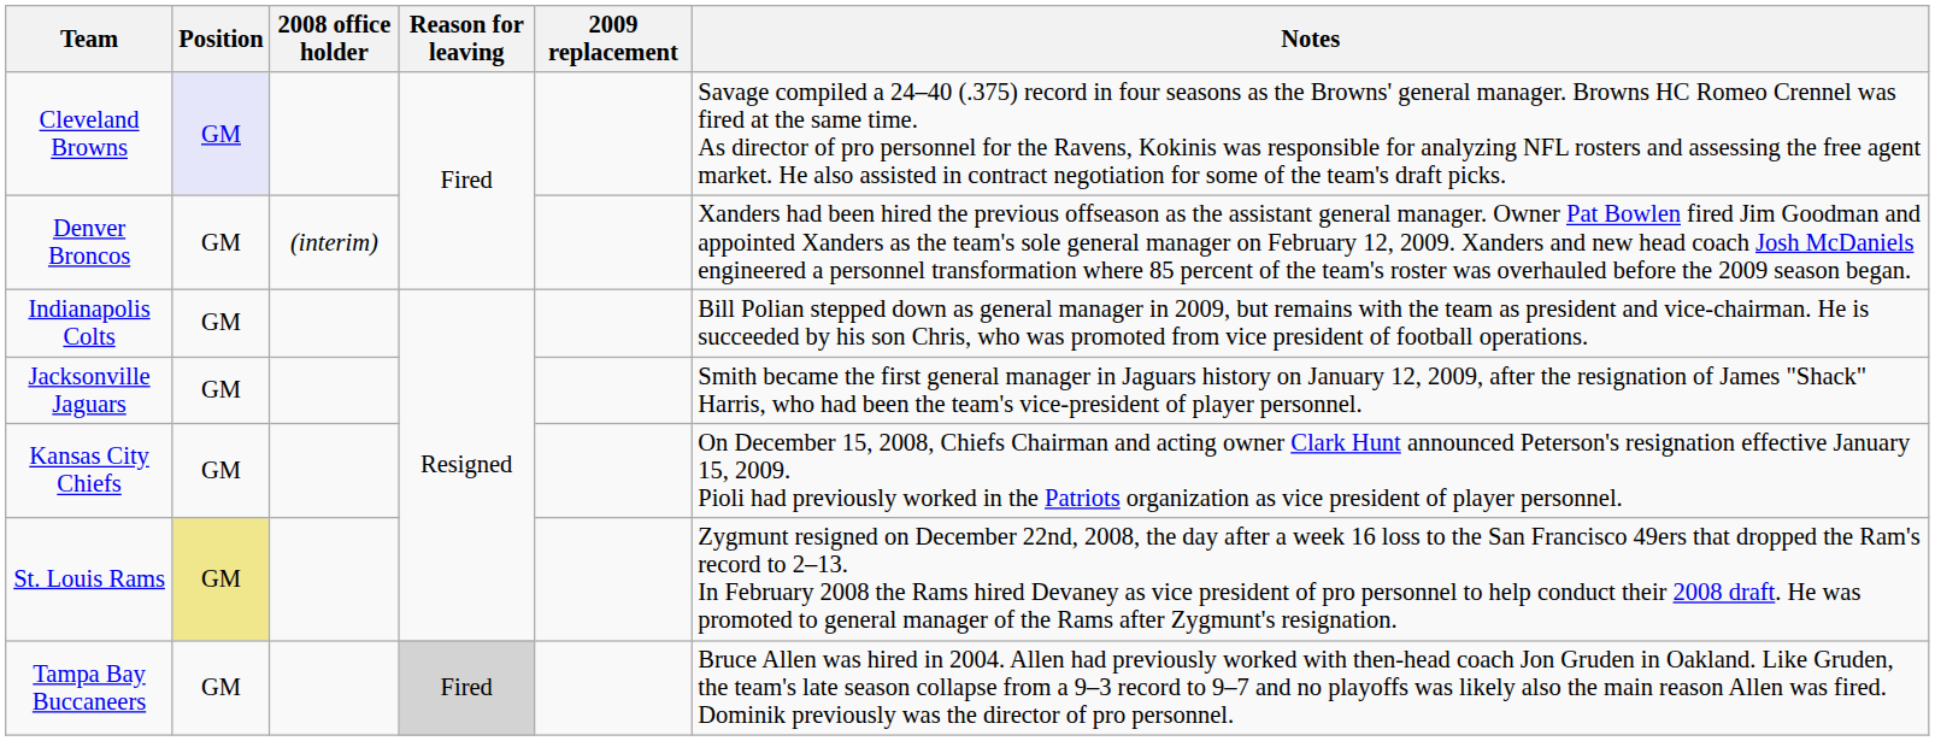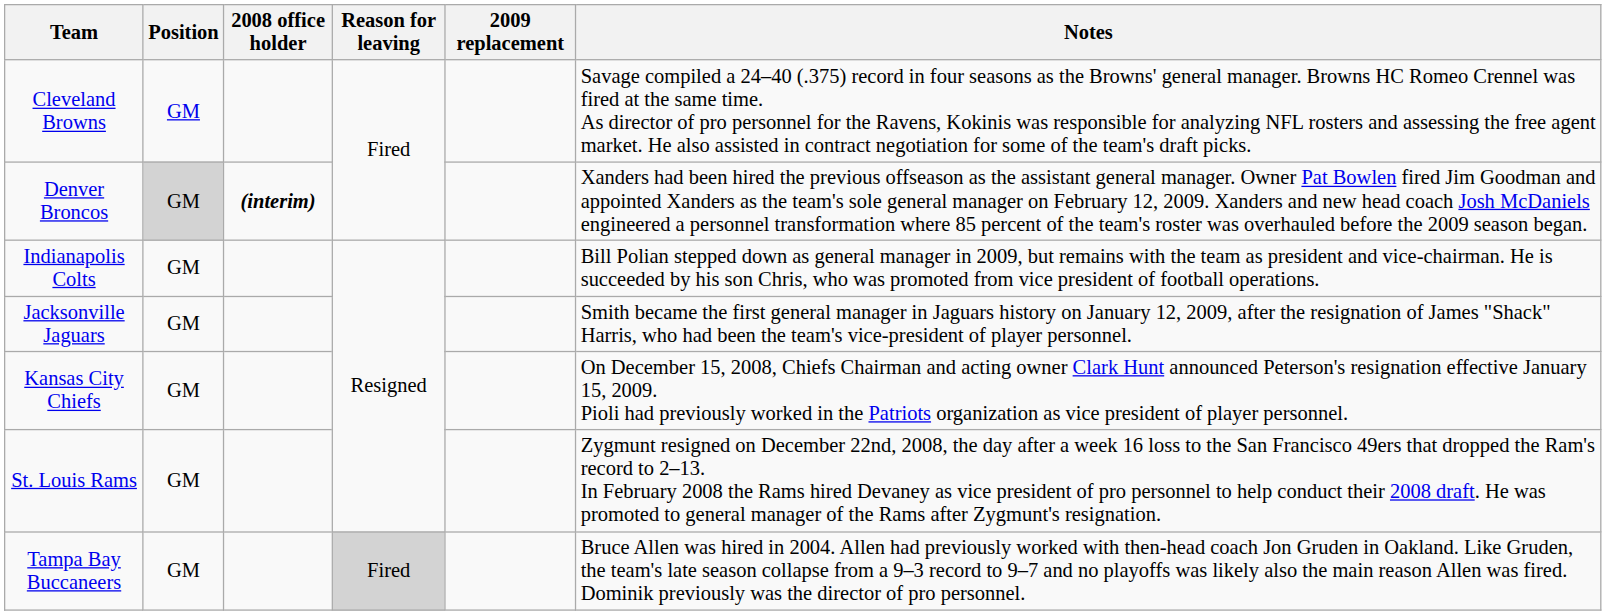 <table class="wikitable sortable plainrowheaders">
 <tr>
 <th>Team</th>
 <th>Position</th>
 <th>2008 office holder</th>
 <th>Reason for leaving</th>
 <th>2009 replacement</th>
 <th class="unsortable">Notes</th>
 </tr>
 <tr>
 <td style="text-align:center;"><a href='#'>Cleveland Browns</a></td>
-<td style="background: lavender; text-align:center;"><a href='#'>GM</a></td>
+<td style="text-align:center;"><a href='#'>GM</a></td>
 <td style="text-align:center;"></td>
 <td style="text-align:center;" rowspan="2">Fired</td>
 <td style="text-align:center;"></td>
 <td>Savage compiled a 24–40 (.375) record in four seasons as the Browns' general manager. Browns HC Romeo Crennel was fired at the same time.<br>As director of pro personnel for the Ravens, Kokinis was responsible for analyzing NFL rosters and assessing the free agent market. He also assisted in contract negotiation for some of the team's draft picks.</td>
 </tr>
 <tr>
 <td style="text-align:center;"><a href='#'>Denver Broncos</a></td>
-<td style="text-align:center;">GM</td>
-<td style="text-align:center;"> <em>(interim)</em></td>
+<td style="background: lightgrey; text-align:center;">GM</td>
+<td style="text-align:center;"><strong> <em>(interim)</em></strong></td>
 <td style="text-align:center;"></td>
 <td>Xanders had been hired the previous offseason as the assistant general manager. Owner <a href='#'>Pat Bowlen</a> fired Jim Goodman and appointed Xanders as the team's sole general manager on February 12, 2009. Xanders and new head coach <a href='#'>Josh McDaniels</a> engineered a personnel transformation where 85 percent of the team's roster was overhauled before the 2009 season began.</td>
 </tr>
 <tr>
 <td style="text-align:center;"><a href='#'>Indianapolis Colts</a></td>
 <td style="text-align:center;">GM</td>
 <td style="text-align:center;"></td>
 <td style="text-align:center;" rowspan="4">Resigned</td>
 <td style="text-align:center;"></td>
 <td>Bill Polian stepped down as general manager in 2009, but remains with the team as president and vice-chairman. He is succeeded by his son Chris, who was promoted from vice president of football operations.</td>
 </tr>
 <tr>
 <td style="text-align:center;"><a href='#'>Jacksonville Jaguars</a></td>
 <td style="text-align:center;">GM</td>
 <td style="text-align:center;"></td>
 <td style="text-align:center;"></td>
 <td>Smith became the first general manager in Jaguars history on January 12, 2009, after the resignation of James "Shack" Harris, who had been the team's vice-president of player personnel.</td>
 </tr>
 <tr>
 <td style="text-align:center;"><a href='#'>Kansas City Chiefs</a></td>
 <td style="text-align:center;">GM</td>
 <td style="text-align:center;"></td>
 <td style="text-align:center;"></td>
 <td>On December 15, 2008, Chiefs Chairman and acting owner <a href='#'>Clark Hunt</a> announced Peterson's resignation effective January 15, 2009.<br>Pioli had previously worked in the <a href='#'>Patriots</a> organization as vice president of player personnel.</td>
 </tr>
 <tr>
 <td style="text-align:center;"><a href='#'>St. Louis Rams</a></td>
-<td style="background: khaki; text-align:center;">GM</td>
+<td style="text-align:center;">GM</td>
 <td style="text-align:center;"></td>
 <td style="text-align:center;"></td>
 <td>Zygmunt resigned on December 22nd, 2008, the day after a week 16 loss to the San Francisco 49ers that dropped the Ram's record to 2–13.<br>In February 2008 the Rams hired Devaney as vice president of pro personnel to help conduct their <a href='#'>2008 draft</a>. He was promoted to general manager of the Rams after Zygmunt's resignation.</td>
 </tr>
 <tr>
 <td style="text-align:center;"><a href='#'>Tampa Bay Buccaneers</a></td>
 <td style="text-align:center;">GM</td>
 <td style="text-align:center;"></td>
 <td style="background: lightgrey; text-align:center;">Fired</td>
 <td style="text-align:center;"></td>
 <td>Bruce Allen was hired in 2004. Allen had previously worked with then-head coach Jon Gruden in Oakland. Like Gruden, the team's late season collapse from a 9–3 record to 9–7 and no playoffs was likely also the main reason Allen was fired.<br>Dominik previously was the director of pro personnel.</td>
 </tr>
 </table>
